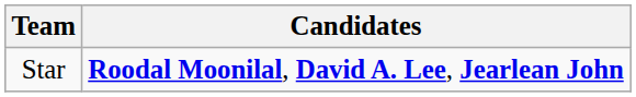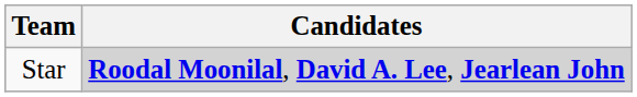 <table class="wikitable" style="text-align:center">
 <tr>
 <th>Team</th>
 <th>Candidates</th>
 </tr>
 <tr>
 <td>Star</td>
-<td><strong><a href='#'>Roodal Moonilal</a></strong>, <strong><a href='#'>David A. Lee</a></strong>, <strong><a href='#'>Jearlean John</a></strong></td>
+<td style="background: lightgrey;"><strong><a href='#'>Roodal Moonilal</a></strong>, <strong><a href='#'>David A. Lee</a></strong>, <strong><a href='#'>Jearlean John</a></strong></td>
 </tr>
 </table>
